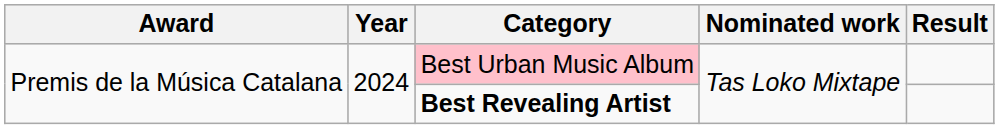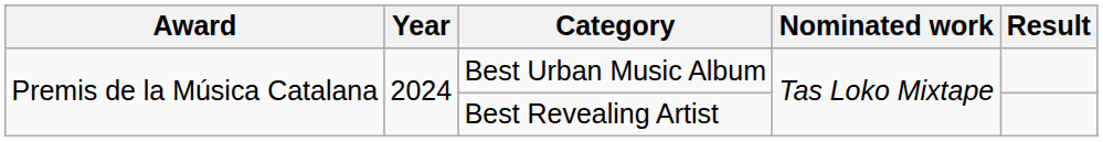 <table class="wikitable sortable">
 <tr>
 <th>Award</th>
 <th>Year</th>
 <th>Category</th>
 <th>Nominated work</th>
 <th>Result</th>
 </tr>
 <tr>
 <td rowspan="2">Premis de la Música Catalana</td>
 <td rowspan="2">2024</td>
-<td style="background: pink;">Best Urban Music Album</td>
+<td>Best Urban Music Album</td>
 <td rowspan="2"><em>Tas Loko Mixtape</em></td>
 <td></td>
 </tr>
 <tr>
-<td><strong>Best Revealing Artist</strong></td>
+<td>Best Revealing Artist</td>
 <td></td>
 </tr>
 </table>
